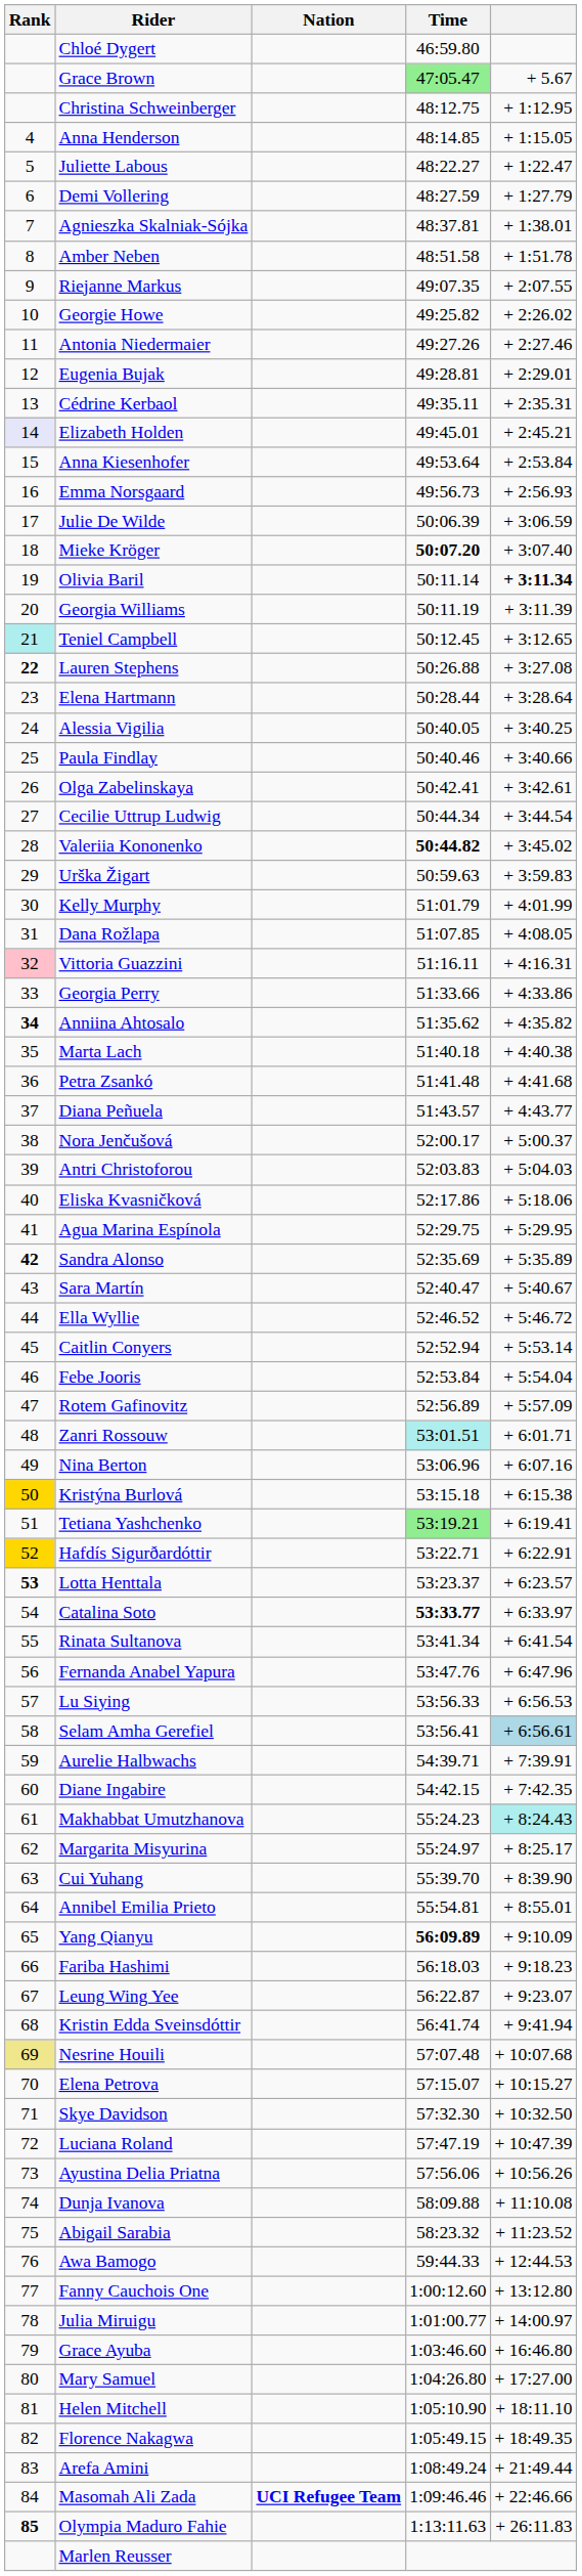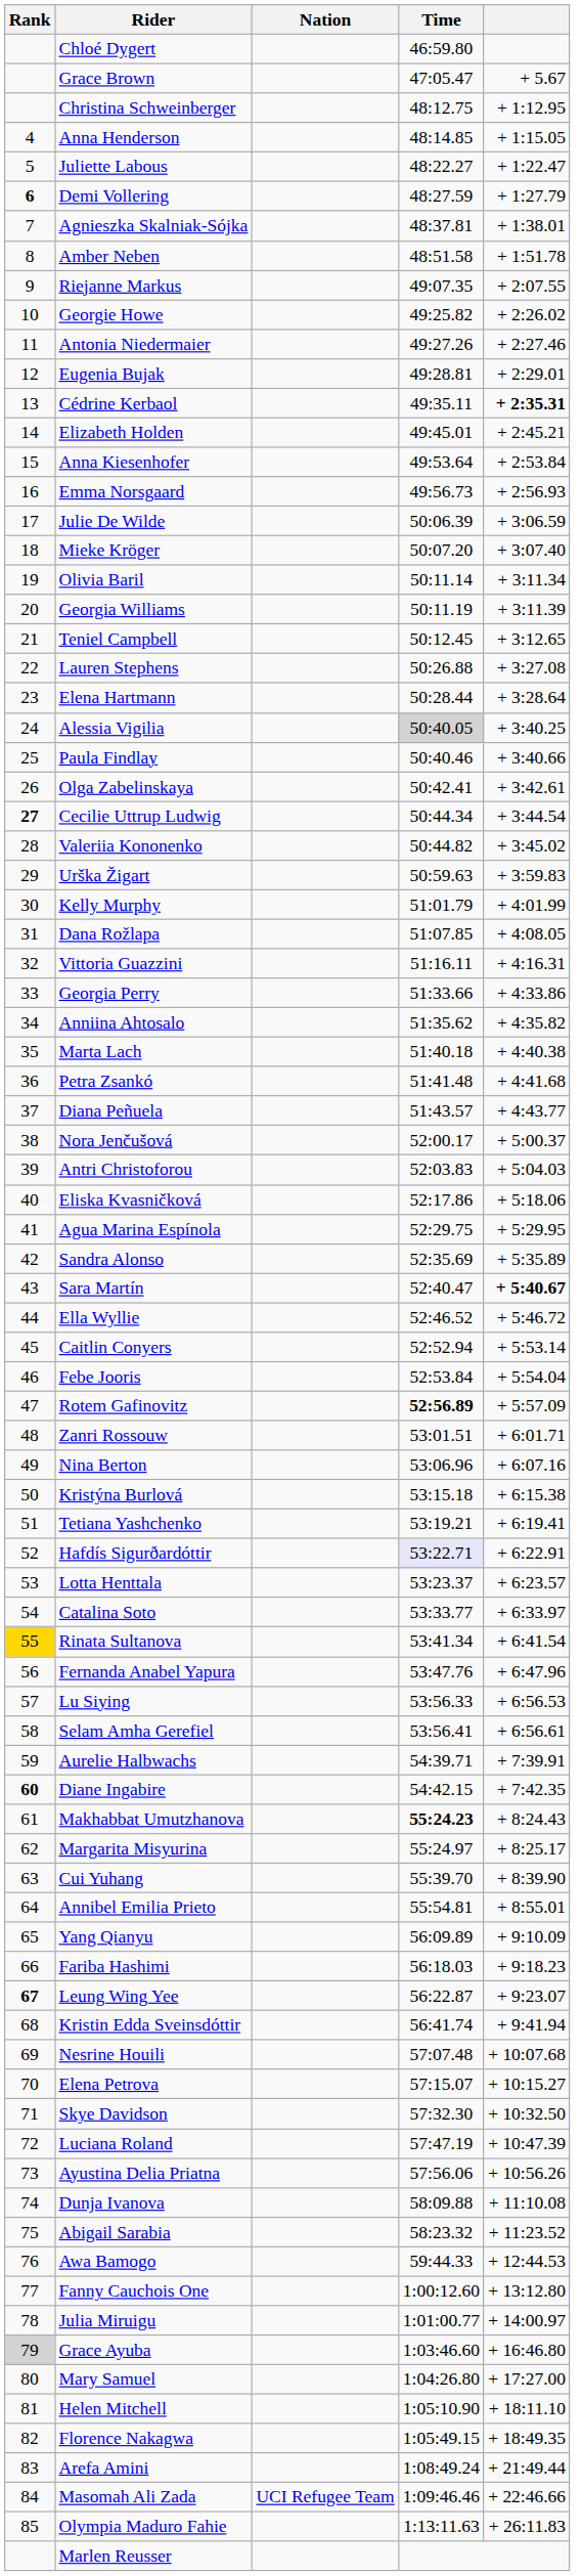 <table class="wikitable sortable" style="font-size:95%; text-align:center;">
 <tr>
 <th scope="col">Rank</th>
 <th scope="col">Rider</th>
 <th scope="col">Nation</th>
 <th scope="col">Time</th>
 <th scope="col"></th>
 </tr>
 <tr>
 <td></td>
 <td align=left><a href='#'>Chloé Dygert</a></td>
 <td align=left></td>
 <td>46:59.80</td>
 <td align=right></td>
 </tr>
 <tr>
 <td></td>
 <td align=left><a href='#'>Grace Brown</a></td>
 <td align=left></td>
-<td style="background: lightgreen;">47:05.47</td>
+<td>47:05.47</td>
 <td align=right>+ 5.67</td>
 </tr>
 <tr>
 <td></td>
 <td align=left><a href='#'>Christina Schweinberger</a></td>
 <td align=left></td>
 <td>48:12.75</td>
 <td align=right>+ 1:12.95</td>
 </tr>
 <tr>
 <td>4</td>
 <td align=left><a href='#'>Anna Henderson</a></td>
 <td align=left></td>
 <td>48:14.85</td>
 <td align=right>+ 1:15.05</td>
 </tr>
 <tr>
 <td>5</td>
 <td align=left><a href='#'>Juliette Labous</a></td>
 <td align=left></td>
 <td>48:22.27</td>
 <td align=right>+ 1:22.47</td>
 </tr>
 <tr>
-<td>6</td>
+<td><strong>6</strong></td>
 <td align=left><a href='#'>Demi Vollering</a></td>
 <td align=left></td>
 <td>48:27.59</td>
 <td align=right>+ 1:27.79</td>
 </tr>
 <tr>
 <td>7</td>
 <td align=left><a href='#'>Agnieszka Skalniak-Sójka</a></td>
 <td align=left></td>
 <td>48:37.81</td>
 <td align=right>+ 1:38.01</td>
 </tr>
 <tr>
 <td>8</td>
 <td align=left><a href='#'>Amber Neben</a></td>
 <td align=left></td>
 <td>48:51.58</td>
 <td align=right>+ 1:51.78</td>
 </tr>
 <tr>
 <td>9</td>
 <td align=left><a href='#'>Riejanne Markus</a></td>
 <td align=left></td>
 <td>49:07.35</td>
 <td align=right>+ 2:07.55</td>
 </tr>
 <tr>
 <td>10</td>
 <td align=left><a href='#'>Georgie Howe</a></td>
 <td align=left></td>
 <td>49:25.82</td>
 <td align=right>+ 2:26.02</td>
 </tr>
 <tr>
 <td>11</td>
 <td align=left><a href='#'>Antonia Niedermaier</a></td>
 <td align=left></td>
 <td>49:27.26</td>
 <td align=right>+ 2:27.46</td>
 </tr>
 <tr>
 <td>12</td>
 <td align=left><a href='#'>Eugenia Bujak</a></td>
 <td align=left></td>
 <td>49:28.81</td>
 <td align=right>+ 2:29.01</td>
 </tr>
 <tr>
 <td>13</td>
 <td align=left><a href='#'>Cédrine Kerbaol</a></td>
 <td align=left></td>
 <td>49:35.11</td>
-<td align=right>+ 2:35.31</td>
+<td align=right><strong>+ 2:35.31</strong></td>
 </tr>
 <tr>
-<td style="background: lavender;">14</td>
+<td>14</td>
 <td align=left><a href='#'>Elizabeth Holden</a></td>
 <td align=left></td>
 <td>49:45.01</td>
 <td align=right>+ 2:45.21</td>
 </tr>
 <tr>
 <td>15</td>
 <td align=left><a href='#'>Anna Kiesenhofer</a></td>
 <td align=left></td>
 <td>49:53.64</td>
 <td align=right>+ 2:53.84</td>
 </tr>
 <tr>
 <td>16</td>
 <td align=left><a href='#'>Emma Norsgaard</a></td>
 <td align=left></td>
 <td>49:56.73</td>
 <td align=right>+ 2:56.93</td>
 </tr>
 <tr>
 <td>17</td>
 <td align=left><a href='#'>Julie De Wilde</a></td>
 <td align=left></td>
 <td>50:06.39</td>
 <td align=right>+ 3:06.59</td>
 </tr>
 <tr>
 <td>18</td>
 <td align=left><a href='#'>Mieke Kröger</a></td>
 <td align=left></td>
-<td><strong>50:07.20</strong></td>
+<td>50:07.20</td>
 <td align=right>+ 3:07.40</td>
 </tr>
 <tr>
 <td>19</td>
 <td align=left><a href='#'>Olivia Baril</a></td>
 <td align=left></td>
 <td>50:11.14</td>
-<td align=right><strong>+ 3:11.34</strong></td>
+<td align=right>+ 3:11.34</td>
 </tr>
 <tr>
 <td>20</td>
 <td align=left><a href='#'>Georgia Williams</a></td>
 <td align=left></td>
 <td>50:11.19</td>
 <td align=right>+ 3:11.39</td>
 </tr>
 <tr>
-<td style="background: paleturquoise;">21</td>
+<td>21</td>
 <td align=left><a href='#'>Teniel Campbell</a></td>
 <td align=left></td>
 <td>50:12.45</td>
 <td align=right>+ 3:12.65</td>
 </tr>
 <tr>
-<td><strong>22</strong></td>
+<td>22</td>
 <td align=left><a href='#'>Lauren Stephens</a></td>
 <td align=left></td>
 <td>50:26.88</td>
 <td align=right>+ 3:27.08</td>
 </tr>
 <tr>
 <td>23</td>
 <td align=left><a href='#'>Elena Hartmann</a></td>
 <td align=left></td>
 <td>50:28.44</td>
 <td align=right>+ 3:28.64</td>
 </tr>
 <tr>
 <td>24</td>
 <td align=left><a href='#'>Alessia Vigilia</a></td>
 <td align=left></td>
-<td>50:40.05</td>
+<td style="background: lightgrey;">50:40.05</td>
 <td align=right>+ 3:40.25</td>
 </tr>
 <tr>
 <td>25</td>
 <td align=left><a href='#'>Paula Findlay</a></td>
 <td align=left></td>
 <td>50:40.46</td>
 <td align=right>+ 3:40.66</td>
 </tr>
 <tr>
 <td>26</td>
 <td align=left><a href='#'>Olga Zabelinskaya</a></td>
 <td align=left></td>
 <td>50:42.41</td>
 <td align=right>+ 3:42.61</td>
 </tr>
 <tr>
-<td>27</td>
+<td><strong>27</strong></td>
 <td align=left><a href='#'>Cecilie Uttrup Ludwig</a></td>
 <td align=left></td>
 <td>50:44.34</td>
 <td align=right>+ 3:44.54</td>
 </tr>
 <tr>
 <td>28</td>
 <td align=left><a href='#'>Valeriia Kononenko</a></td>
 <td align=left></td>
-<td><strong>50:44.82</strong></td>
+<td>50:44.82</td>
 <td align=right>+ 3:45.02</td>
 </tr>
 <tr>
 <td>29</td>
 <td align=left><a href='#'>Urška Žigart</a></td>
 <td align=left></td>
 <td>50:59.63</td>
 <td align=right>+ 3:59.83</td>
 </tr>
 <tr>
 <td>30</td>
 <td align=left><a href='#'>Kelly Murphy</a></td>
 <td align=left></td>
 <td>51:01.79</td>
 <td align=right>+ 4:01.99</td>
 </tr>
 <tr>
 <td>31</td>
 <td align=left><a href='#'>Dana Rožlapa</a></td>
 <td align=left></td>
 <td>51:07.85</td>
 <td align=right>+ 4:08.05</td>
 </tr>
 <tr>
-<td style="background: pink;">32</td>
+<td>32</td>
 <td align=left><a href='#'>Vittoria Guazzini</a></td>
 <td align=left></td>
 <td>51:16.11</td>
 <td align=right>+ 4:16.31</td>
 </tr>
 <tr>
 <td>33</td>
 <td align=left><a href='#'>Georgia Perry</a></td>
 <td align=left></td>
 <td>51:33.66</td>
 <td align=right>+ 4:33.86</td>
 </tr>
 <tr>
-<td><strong>34</strong></td>
+<td>34</td>
 <td align=left><a href='#'>Anniina Ahtosalo</a></td>
 <td align=left></td>
 <td>51:35.62</td>
 <td align=right>+ 4:35.82</td>
 </tr>
 <tr>
 <td>35</td>
 <td align=left><a href='#'>Marta Lach</a></td>
 <td align=left></td>
 <td>51:40.18</td>
 <td align=right>+ 4:40.38</td>
 </tr>
 <tr>
 <td>36</td>
 <td align=left><a href='#'>Petra Zsankó</a></td>
 <td align=left></td>
 <td>51:41.48</td>
 <td align=right>+ 4:41.68</td>
 </tr>
 <tr>
 <td>37</td>
 <td align=left><a href='#'>Diana Peñuela</a></td>
 <td align=left></td>
 <td>51:43.57</td>
 <td align=right>+ 4:43.77</td>
 </tr>
 <tr>
 <td>38</td>
 <td align=left><a href='#'>Nora Jenčušová</a></td>
 <td align=left></td>
 <td>52:00.17</td>
 <td align=right>+ 5:00.37</td>
 </tr>
 <tr>
 <td>39</td>
 <td align=left><a href='#'>Antri Christoforou</a></td>
 <td align=left></td>
 <td>52:03.83</td>
 <td align=right>+ 5:04.03</td>
 </tr>
 <tr>
 <td>40</td>
 <td align=left><a href='#'>Eliska Kvasničková</a></td>
 <td align=left></td>
 <td>52:17.86</td>
 <td align=right>+ 5:18.06</td>
 </tr>
 <tr>
 <td>41</td>
 <td align=left><a href='#'>Agua Marina Espínola</a></td>
 <td align=left></td>
 <td>52:29.75</td>
 <td align=right>+ 5:29.95</td>
 </tr>
 <tr>
-<td><strong>42</strong></td>
+<td>42</td>
 <td align=left><a href='#'>Sandra Alonso</a></td>
 <td align=left></td>
 <td>52:35.69</td>
 <td align=right>+ 5:35.89</td>
 </tr>
 <tr>
 <td>43</td>
 <td align=left><a href='#'>Sara Martín</a></td>
 <td align=left></td>
 <td>52:40.47</td>
-<td align=right>+ 5:40.67</td>
+<td align=right><strong>+ 5:40.67</strong></td>
 </tr>
 <tr>
 <td>44</td>
 <td align=left><a href='#'>Ella Wyllie</a></td>
 <td align=left></td>
 <td>52:46.52</td>
 <td align=right>+ 5:46.72</td>
 </tr>
 <tr>
 <td>45</td>
 <td align=left><a href='#'>Caitlin Conyers</a></td>
 <td align=left></td>
 <td>52:52.94</td>
 <td align=right>+ 5:53.14</td>
 </tr>
 <tr>
 <td>46</td>
 <td align=left><a href='#'>Febe Jooris</a></td>
 <td align=left></td>
 <td>52:53.84</td>
 <td align=right>+ 5:54.04</td>
 </tr>
 <tr>
 <td>47</td>
 <td align=left><a href='#'>Rotem Gafinovitz</a></td>
 <td align=left></td>
-<td>52:56.89</td>
+<td><strong>52:56.89</strong></td>
 <td align=right>+ 5:57.09</td>
 </tr>
 <tr>
 <td>48</td>
 <td align=left><a href='#'>Zanri Rossouw</a></td>
 <td align=left></td>
-<td style="background: paleturquoise;">53:01.51</td>
+<td>53:01.51</td>
 <td align=right>+ 6:01.71</td>
 </tr>
 <tr>
 <td>49</td>
 <td align=left><a href='#'>Nina Berton</a></td>
 <td align=left></td>
 <td>53:06.96</td>
 <td align=right>+ 6:07.16</td>
 </tr>
 <tr>
-<td style="background: gold;">50</td>
+<td>50</td>
 <td align=left><a href='#'>Kristýna Burlová</a></td>
 <td align=left></td>
 <td>53:15.18</td>
 <td align=right>+ 6:15.38</td>
 </tr>
 <tr>
 <td>51</td>
 <td align=left><a href='#'>Tetiana Yashchenko</a></td>
 <td align=left></td>
-<td style="background: lightgreen;">53:19.21</td>
+<td>53:19.21</td>
 <td align=right>+ 6:19.41</td>
 </tr>
 <tr>
-<td style="background: gold;">52</td>
+<td>52</td>
 <td align=left><a href='#'>Hafdís Sigurðardóttir</a></td>
 <td align=left></td>
-<td>53:22.71</td>
+<td style="background: lavender;">53:22.71</td>
 <td align=right>+ 6:22.91</td>
 </tr>
 <tr>
-<td><strong>53</strong></td>
+<td>53</td>
 <td align=left><a href='#'>Lotta Henttala</a></td>
 <td align=left></td>
 <td>53:23.37</td>
 <td align=right>+ 6:23.57</td>
 </tr>
 <tr>
 <td>54</td>
 <td align=left><a href='#'>Catalina Soto</a></td>
 <td align=left></td>
-<td><strong>53:33.77</strong></td>
+<td>53:33.77</td>
 <td align=right>+ 6:33.97</td>
 </tr>
 <tr>
-<td>55</td>
+<td style="background: gold;">55</td>
 <td align=left><a href='#'>Rinata Sultanova</a></td>
 <td align=left></td>
 <td>53:41.34</td>
 <td align=right>+ 6:41.54</td>
 </tr>
 <tr>
 <td>56</td>
 <td align=left><a href='#'>Fernanda Anabel Yapura</a></td>
 <td align=left></td>
 <td>53:47.76</td>
 <td align=right>+ 6:47.96</td>
 </tr>
 <tr>
 <td>57</td>
 <td align=left><a href='#'>Lu Siying</a></td>
 <td align=left></td>
 <td>53:56.33</td>
 <td align=right>+ 6:56.53</td>
 </tr>
 <tr>
 <td>58</td>
 <td align=left><a href='#'>Selam Amha Gerefiel</a></td>
 <td align=left></td>
 <td>53:56.41</td>
-<td align=right style="background: lightblue;">+ 6:56.61</td>
+<td align=right>+ 6:56.61</td>
 </tr>
 <tr>
 <td>59</td>
 <td align=left><a href='#'>Aurelie Halbwachs</a></td>
 <td align=left></td>
 <td>54:39.71</td>
 <td align=right>+ 7:39.91</td>
 </tr>
 <tr>
-<td>60</td>
+<td><strong>60</strong></td>
 <td align=left><a href='#'>Diane Ingabire</a></td>
 <td align=left></td>
 <td>54:42.15</td>
 <td align=right>+ 7:42.35</td>
 </tr>
 <tr>
 <td>61</td>
 <td align=left><a href='#'>Makhabbat Umutzhanova</a></td>
 <td align=left></td>
-<td>55:24.23</td>
-<td align=right style="background: paleturquoise;">+ 8:24.43</td>
+<td><strong>55:24.23</strong></td>
+<td align=right>+ 8:24.43</td>
 </tr>
 <tr>
 <td>62</td>
 <td align=left><a href='#'>Margarita Misyurina</a></td>
 <td align=left></td>
 <td>55:24.97</td>
 <td align=right>+ 8:25.17</td>
 </tr>
 <tr>
 <td>63</td>
 <td align=left><a href='#'>Cui Yuhang</a></td>
 <td align=left></td>
 <td>55:39.70</td>
 <td align=right>+ 8:39.90</td>
 </tr>
 <tr>
 <td>64</td>
 <td align=left><a href='#'>Annibel Emilia Prieto</a></td>
 <td align=left></td>
 <td>55:54.81</td>
 <td align=right>+ 8:55.01</td>
 </tr>
 <tr>
 <td>65</td>
 <td align=left><a href='#'>Yang Qianyu</a></td>
 <td align=left></td>
-<td><strong>56:09.89</strong></td>
+<td>56:09.89</td>
 <td align=right>+ 9:10.09</td>
 </tr>
 <tr>
 <td>66</td>
 <td align=left><a href='#'>Fariba Hashimi</a></td>
 <td align=left></td>
 <td>56:18.03</td>
 <td align=right>+ 9:18.23</td>
 </tr>
 <tr>
-<td>67</td>
+<td><strong>67</strong></td>
 <td align=left><a href='#'>Leung Wing Yee</a></td>
 <td align=left></td>
 <td>56:22.87</td>
 <td align=right>+ 9:23.07</td>
 </tr>
 <tr>
 <td>68</td>
 <td align=left><a href='#'>Kristin Edda Sveinsdóttir</a></td>
 <td align=left></td>
 <td>56:41.74</td>
 <td align=right>+ 9:41.94</td>
 </tr>
 <tr>
-<td style="background: khaki;">69</td>
+<td>69</td>
 <td align=left><a href='#'>Nesrine Houili</a></td>
 <td align=left></td>
 <td>57:07.48</td>
 <td align=right>+ 10:07.68</td>
 </tr>
 <tr>
 <td>70</td>
 <td align=left><a href='#'>Elena Petrova</a></td>
 <td align=left></td>
 <td>57:15.07</td>
 <td align=right>+ 10:15.27</td>
 </tr>
 <tr>
 <td>71</td>
 <td align=left><a href='#'>Skye Davidson</a></td>
 <td align=left></td>
 <td>57:32.30</td>
 <td align=right>+ 10:32.50</td>
 </tr>
 <tr>
 <td>72</td>
 <td align=left><a href='#'>Luciana Roland</a></td>
 <td align=left></td>
 <td>57:47.19</td>
 <td align=right>+ 10:47.39</td>
 </tr>
 <tr>
 <td>73</td>
 <td align=left><a href='#'>Ayustina Delia Priatna</a></td>
 <td align=left></td>
 <td>57:56.06</td>
 <td align=right>+ 10:56.26</td>
 </tr>
 <tr>
 <td>74</td>
 <td align=left><a href='#'>Dunja Ivanova</a></td>
 <td align=left></td>
 <td>58:09.88</td>
 <td align=right>+ 11:10.08</td>
 </tr>
 <tr>
 <td>75</td>
 <td align=left><a href='#'>Abigail Sarabia</a></td>
 <td align=left></td>
 <td>58:23.32</td>
 <td align=right>+ 11:23.52</td>
 </tr>
 <tr>
 <td>76</td>
 <td align=left><a href='#'>Awa Bamogo</a></td>
 <td align=left></td>
 <td>59:44.33</td>
 <td align=right>+ 12:44.53</td>
 </tr>
 <tr>
 <td>77</td>
 <td align=left><a href='#'>Fanny Cauchois One</a></td>
 <td align=left></td>
 <td>1:00:12.60</td>
 <td align=right>+ 13:12.80</td>
 </tr>
 <tr>
 <td>78</td>
 <td align=left><a href='#'>Julia Miruigu</a></td>
 <td align=left></td>
 <td>1:01:00.77</td>
 <td align=right>+ 14:00.97</td>
 </tr>
 <tr>
-<td>79</td>
+<td style="background: lightgrey;">79</td>
 <td align=left><a href='#'>Grace Ayuba</a></td>
 <td align=left></td>
 <td>1:03:46.60</td>
 <td align=right>+ 16:46.80</td>
 </tr>
 <tr>
 <td>80</td>
 <td align=left><a href='#'>Mary Samuel</a></td>
 <td align=left></td>
 <td>1:04:26.80</td>
 <td align=right>+ 17:27.00</td>
 </tr>
 <tr>
 <td>81</td>
 <td align=left><a href='#'>Helen Mitchell</a></td>
 <td align=left></td>
 <td>1:05:10.90</td>
 <td align=right>+ 18:11.10</td>
 </tr>
 <tr>
 <td>82</td>
 <td align=left><a href='#'>Florence Nakagwa</a></td>
 <td align=left></td>
 <td>1:05:49.15</td>
 <td align=right>+ 18:49.35</td>
 </tr>
 <tr>
 <td>83</td>
 <td align=left><a href='#'>Arefa Amini</a></td>
 <td align=left></td>
 <td>1:08:49.24</td>
 <td align=right>+ 21:49.44</td>
 </tr>
 <tr>
 <td>84</td>
 <td align=left><a href='#'>Masomah Ali Zada</a></td>
-<td align=left><strong><a href='#'>UCI Refugee Team</a></strong></td>
+<td align=left><a href='#'>UCI Refugee Team</a></td>
 <td>1:09:46.46</td>
 <td align=right>+ 22:46.66</td>
 </tr>
 <tr>
-<td><strong>85</strong></td>
+<td>85</td>
 <td align=left><a href='#'>Olympia Maduro Fahie</a></td>
 <td align=left></td>
 <td>1:13:11.63</td>
 <td align=right>+ 26:11.83</td>
 </tr>
 <tr>
 <td></td>
 <td align=left><a href='#'>Marlen Reusser</a></td>
 <td align=left></td>
 <td colspan="2"></td>
 </tr>
 </table>
